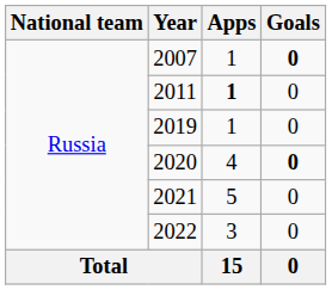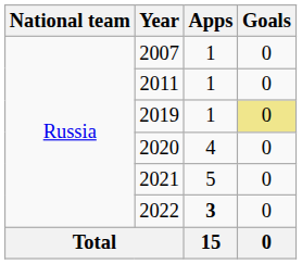 <table class="wikitable" style="text-align:center">
 <tr>
 <th>National team</th>
 <th>Year</th>
 <th>Apps</th>
 <th>Goals</th>
 </tr>
 <tr>
 <td rowspan="6"><a href='#'>Russia</a></td>
 <td>2007</td>
 <td>1</td>
-<td><strong>0</strong></td>
+<td>0</td>
 </tr>
 <tr>
 <td>2011</td>
-<td><strong>1</strong></td>
+<td>1</td>
 <td>0</td>
 </tr>
 <tr>
 <td>2019</td>
 <td>1</td>
-<td>0</td>
+<td style="background: khaki;">0</td>
 </tr>
 <tr>
 <td>2020</td>
 <td>4</td>
-<td><strong>0</strong></td>
+<td>0</td>
 </tr>
 <tr>
 <td>2021</td>
 <td>5</td>
 <td>0</td>
 </tr>
 <tr>
 <td>2022</td>
-<td>3</td>
+<td><strong>3</strong></td>
 <td>0</td>
 </tr>
 <tr>
 <th colspan="2">Total</th>
 <th>15</th>
 <th>0</th>
 </tr>
 </table>
